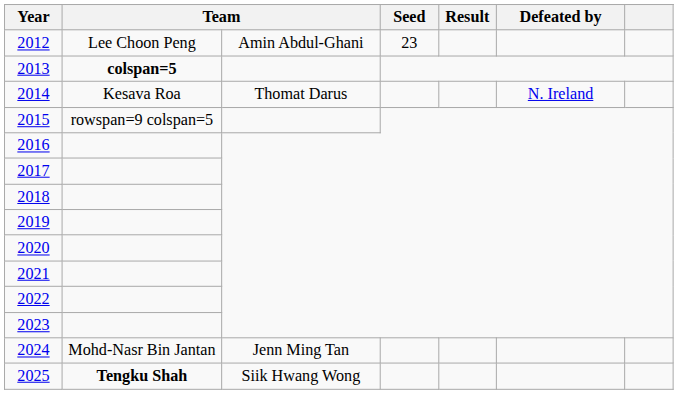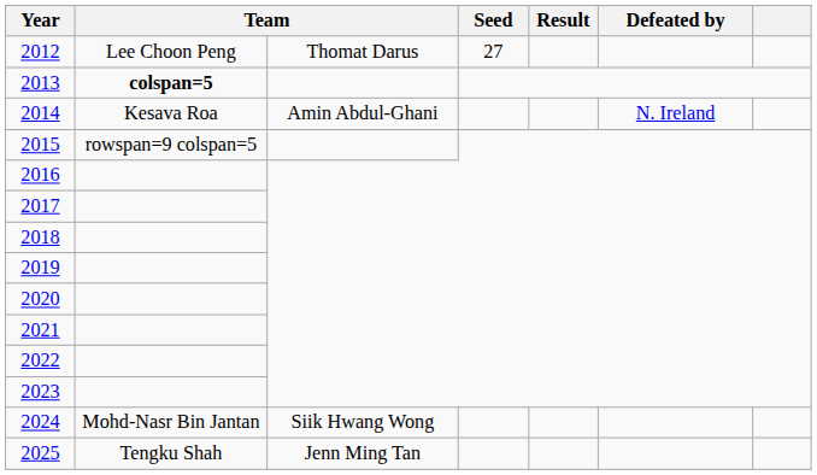 <table class="wikitable" style="text-align: center;">
 <tr style= "background: #e2e2e2;">
 </tr>
 <tr style="background: #efefef;">
 <th width=50px>Year</th>
 <th colspan="2">Team</th>
 <th width=50px>Seed</th>
 <th width=50px>Result</th>
 <th width=120px>Defeated by</th>
 <th width=40px></th>
 </tr>
 <tr>
 <td><a href='#'>2012</a></td>
 <td width=150px>Lee Choon Peng</td>
-<td width=150px>Amin Abdul-Ghani</td>
-<td>23</td>
+<td>Thomat Darus</td>
+<td>27</td>
 <td></td>
 <td> </td>
 <td></td>
 </tr>
 <tr>
 <td><a href='#'>2013</a></td>
 <td><strong>colspan=5 </strong></td>
 <td></td>
 </tr>
 <tr>
 <td><a href='#'>2014</a></td>
 <td>Kesava Roa</td>
-<td>Thomat Darus</td>
+<td width=150px>Amin Abdul-Ghani</td>
 <td></td>
 <td></td>
 <td> <a href='#'>N. Ireland</a></td>
 <td></td>
 </tr>
 <tr>
 <td><a href='#'>2015</a></td>
 <td>rowspan=9 colspan=5 </td>
 <td></td>
 </tr>
 <tr>
 <td><a href='#'>2016</a></td>
 <td></td>
 </tr>
 <tr>
 <td><a href='#'>2017</a></td>
 <td></td>
 </tr>
 <tr>
 <td><a href='#'>2018</a></td>
 <td></td>
 </tr>
 <tr>
 <td><a href='#'>2019</a></td>
 <td></td>
 </tr>
 <tr>
 <td><a href='#'>2020</a></td>
 <td></td>
 </tr>
 <tr>
 <td><a href='#'>2021</a></td>
 <td></td>
 </tr>
 <tr>
 <td><a href='#'>2022</a></td>
 <td></td>
 </tr>
 <tr>
 <td><a href='#'>2023</a></td>
 <td></td>
 </tr>
 <tr>
 <td><a href='#'>2024</a></td>
 <td>Mohd-Nasr Bin Jantan</td>
-<td>Jenn Ming Tan</td>
+<td>Siik Hwang Wong</td>
 <td></td>
 <td></td>
 <td> <br> </td>
 <td></td>
 </tr>
 <tr>
 <td><a href='#'>2025</a></td>
-<td><strong>Tengku Shah</strong></td>
-<td>Siik Hwang Wong</td>
+<td>Tengku Shah</td>
+<td>Jenn Ming Tan</td>
 <td></td>
 <td></td>
 <td></td>
 <td></td>
 </tr>
 </table>
